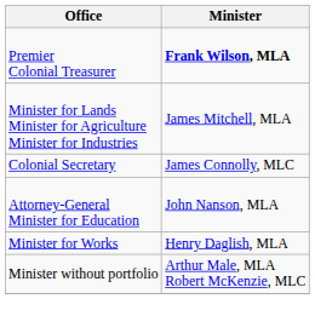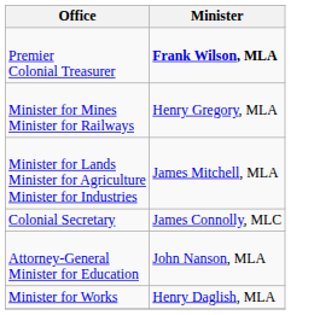 <table class="wikitable">
 <tr>
 <th>Office</th>
 <th>Minister</th>
 </tr>
 <tr>
 <td><br><a href='#'>Premier</a><br> <a href='#'>Colonial Treasurer</a><br></td>
 <td><strong><a href='#'>Frank Wilson</a>, MLA</strong></td>
+</tr>
+<tr>
+<td><br><a href='#'>Minister for Mines</a><br> <a href='#'>Minister for Railways</a><br></td>
+<td><a href='#'>Henry Gregory</a>, MLA</td>
 </tr>
 <tr>
 <td><br><a href='#'>Minister for Lands</a><br> <a href='#'>Minister for Agriculture</a><br> <a href='#'>Minister for Industries</a></td>
 <td><a href='#'>James Mitchell</a>, MLA</td>
 </tr>
 <tr>
 <td><a href='#'>Colonial Secretary</a><br></td>
 <td><a href='#'>James Connolly</a>, MLC</td>
 </tr>
 <tr>
 <td><br><a href='#'>Attorney-General</a><br> <a href='#'>Minister for Education</a><br></td>
 <td><a href='#'>John Nanson</a>, MLA</td>
 </tr>
 <tr>
 <td><a href='#'>Minister for Works</a></td>
 <td><a href='#'>Henry Daglish</a>, MLA</td>
 </tr>
 <tr>
-<td>Minister without portfolio</td>
-<td><a href='#'>Arthur Male</a>, MLA<br><a href='#'>Robert McKenzie</a>, MLC</td>
-</tr>
-<tr>
 </tr>
 </table>
